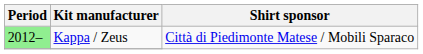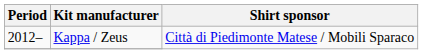 <table class="wikitable">
 <tr>
 <th>Period</th>
 <th>Kit manufacturer</th>
 <th>Shirt sponsor</th>
 </tr>
 <tr>
-<td style="background: lightgreen;">2012–</td>
+<td>2012–</td>
 <td><a href='#'>Kappa</a> / Zeus</td>
 <td rowspan=2><a href='#'>Città di Piedimonte Matese</a> / Mobili Sparaco</td>
 </tr>
 <tr>
 </tr>
 </table>
